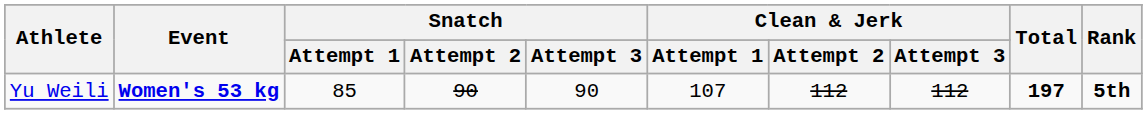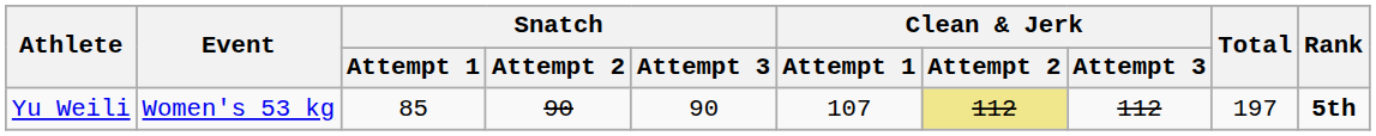 <table class="wikitable" border="1" style="font-size:90%;">
 <tr>
 <th rowspan=2>Athlete</th>
 <th rowspan=2>Event</th>
 <th colspan=3>Snatch</th>
 <th colspan=3>Clean & Jerk</th>
 <th rowspan=2>Total</th>
 <th rowspan=2>Rank</th>
 </tr>
 <tr>
 <th>Attempt 1</th>
 <th>Attempt 2</th>
 <th>Attempt 3</th>
 <th>Attempt 1</th>
 <th>Attempt 2</th>
 <th>Attempt 3</th>
 </tr>
 <tr>
 <td><a href='#'>Yu Weili</a></td>
-<td><strong><a href='#'>Women's 53 kg</a></strong></td>
+<td><a href='#'>Women's 53 kg</a></td>
 <td align=center>85</td>
 <td align=center><del>90</del></td>
 <td align=center>90</td>
 <td align=center>107</td>
+<td align=center style="background: khaki;"><del>112</del></td>
 <td align=center><del>112</del></td>
-<td align=center><del>112</del></td>
-<td align=center><strong>197</strong></td>
+<td align=center>197</td>
 <td align=center><strong>5th</strong></td>
 </tr>
 </table>
